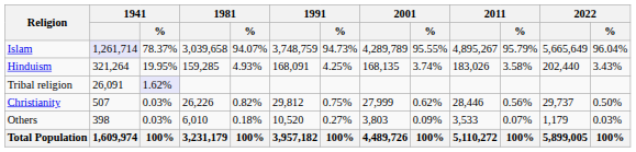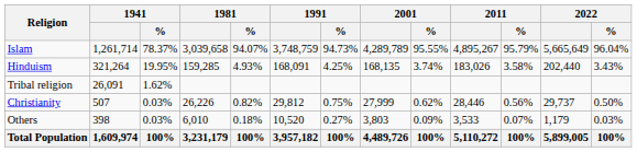 <table class="wikitable sortable">
 <tr>
 <th rowspan="2">Religion</th>
 <th colspan="2">1941</th>
 <th colspan="2">1981</th>
 <th colspan="2">1991</th>
 <th colspan="2">2001</th>
 <th colspan="2">2011</th>
 <th colspan="2">2022</th>
 </tr>
 <tr>
 <th></th>
 <th>%</th>
 <th></th>
 <th>%</th>
 <th></th>
 <th>%</th>
 <th></th>
 <th>%</th>
 <th></th>
 <th>%</th>
 <th></th>
 <th>%</th>
 </tr>
 <tr>
 <td><a href='#'>Islam</a> </td>
-<td style="background: lavender;">1,261,714</td>
+<td>1,261,714</td>
 <td>78.37%</td>
 <td>3,039,658</td>
 <td>94.07%</td>
 <td>3,748,759</td>
 <td>94.73%</td>
 <td>4,289,789</td>
 <td>95.55%</td>
 <td>4,895,267</td>
 <td>95.79%</td>
 <td>5,665,649</td>
 <td>96.04%</td>
 </tr>
 <tr>
 <td><a href='#'>Hinduism</a> </td>
 <td>321,264</td>
 <td>19.95%</td>
 <td>159,285</td>
 <td>4.93%</td>
 <td>168,091</td>
 <td>4.25%</td>
 <td>168,135</td>
 <td>3.74%</td>
 <td>183,026</td>
 <td>3.58%</td>
 <td>202,440</td>
 <td>3.43%</td>
 </tr>
 <tr>
 <td>Tribal religion</td>
 <td>26,091</td>
-<td style="background: lavender;">1.62%</td>
+<td>1.62%</td>
 <td></td>
 <td></td>
 <td></td>
 <td></td>
 <td></td>
 <td></td>
 <td></td>
 <td></td>
 <td></td>
 <td></td>
 </tr>
 <tr>
 <td><a href='#'>Christianity</a> </td>
 <td>507</td>
 <td>0.03%</td>
 <td>26,226</td>
 <td>0.82%</td>
 <td>29,812</td>
 <td>0.75%</td>
 <td>27,999</td>
 <td>0.62%</td>
 <td>28,446</td>
 <td>0.56%</td>
 <td>29,737</td>
 <td>0.50%</td>
 </tr>
 <tr>
 <td>Others </td>
 <td>398</td>
 <td>0.03%</td>
 <td>6,010</td>
 <td>0.18%</td>
 <td>10,520</td>
 <td>0.27%</td>
 <td>3,803</td>
 <td>0.09%</td>
 <td>3,533</td>
 <td>0.07%</td>
 <td>1,179</td>
 <td>0.03%</td>
 </tr>
 <tr>
 <th>Total Population</th>
 <th>1,609,974</th>
 <th>100%</th>
 <th>3,231,179</th>
 <th>100%</th>
 <th>3,957,182</th>
 <th>100%</th>
 <th>4,489,726</th>
 <th>100%</th>
 <th>5,110,272</th>
 <th>100%</th>
 <th>5,899,005</th>
 <th>100%</th>
 </tr>
 </table>
